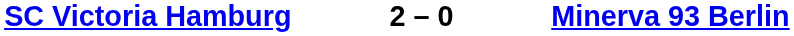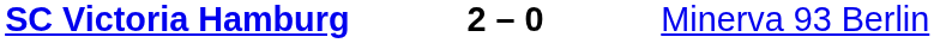 <table width=100% cellspacing=1>
 <tr>
 <th width=25%></th>
 <th width=10%></th>
 <th width=25%></th>
 <th></th>
 </tr>
 <tr style=font-size:90%>
 <td align=right><strong><a href='#'>SC Victoria Hamburg</a></strong></td>
 <td align=center><strong>2 – 0</strong></td>
-<td><strong><a href='#'>Minerva 93 Berlin</a></strong></td>
+<td><a href='#'>Minerva 93 Berlin</a></td>
 </tr>
 </table>
